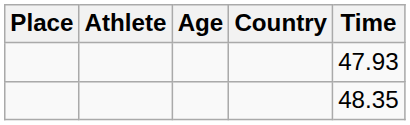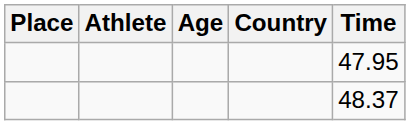 <table class="wikitable mw-datatable sortable">
 <tr>
 <th>Place</th>
 <th>Athlete</th>
 <th>Age</th>
 <th>Country</th>
 <th>Time</th>
 </tr>
 <tr>
 <td align=center></td>
 <td></td>
 <td></td>
 <td></td>
-<td>47.93</td>
+<td>47.95</td>
 </tr>
 <tr>
 <td align=center></td>
 <td></td>
 <td></td>
 <td></td>
-<td>48.35</td>
+<td>48.37</td>
 </tr>
 </table>
